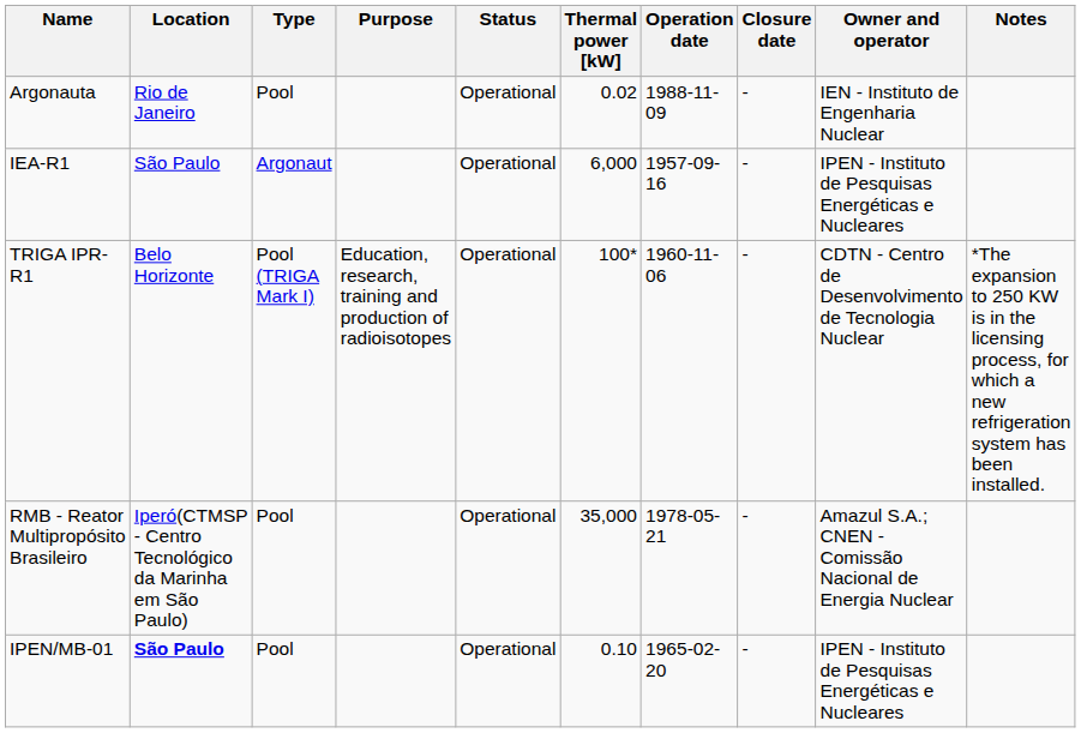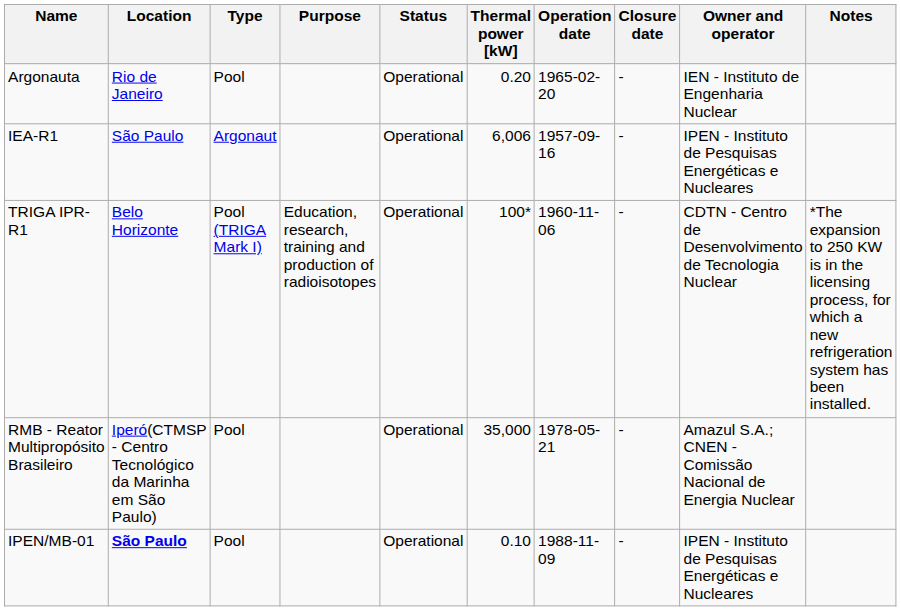 <table class="wikitable" >
 <tr valign="top">
 <th width="80">Name</th>
 <th width="65">Location</th>
 <th width="76">Type</th>
 <th width="65">Purpose</th>
 <th width="91">Status</th>
 <th width="70“">Thermal power [kW]</th>
 <th width=„67“>Operation date</th>
 <th width="78“">Closure date</th>
 <th width="113“">Owner and operator</th>
 <th width="65">Notes</th>
 </tr>
 <tr valign="top">
 <td>Argonauta</td>
 <td><a href='#'>Rio de Janeiro</a></td>
 <td>Pool</td>
 <td></td>
 <td>Operational</td>
-<td align="right">0.02</td>
-<td>1988-11-09</td>
+<td align="right">0.20</td>
+<td>1965-02-20</td>
 <td>-</td>
 <td>IEN - Instituto de Engenharia Nuclear</td>
 <td></td>
 </tr>
 <tr valign="top">
 <td>IEA-R1</td>
 <td><a href='#'>São Paulo</a></td>
 <td><a href='#'>Argonaut</a></td>
 <td></td>
 <td>Operational</td>
-<td align="right">6,000</td>
+<td align="right">6,006</td>
 <td>1957-09-16</td>
 <td>-</td>
 <td>IPEN - Instituto de Pesquisas Energéticas e Nucleares</td>
 <td></td>
 </tr>
 <tr valign="top">
 <td>TRIGA IPR-R1</td>
 <td><a href='#'>Belo Horizonte</a></td>
 <td>Pool <a href='#'>(TRIGA Mark I)</a></td>
 <td>Education, research, training and production of radioisotopes</td>
 <td>Operational</td>
 <td align="right">100*</td>
 <td>1960-11-06</td>
 <td>-</td>
 <td>CDTN - Centro de Desenvolvimento de Tecnologia Nuclear</td>
 <td>*The expansion to 250 KW is in the licensing process, for which a new refrigeration system has been installed.</td>
 </tr>
 <tr valign="top">
 <td>RMB - Reator Multipropósito Brasileiro</td>
 <td><a href='#'>Iperó</a>(CTMSP - Centro Tecnológico da Marinha em São Paulo)</td>
 <td>Pool</td>
 <td></td>
 <td>Operational</td>
 <td align="right">35,000</td>
 <td>1978-05-21</td>
 <td>-</td>
 <td>Amazul S.A.;<br>CNEN - Comissão Nacional de Energia Nuclear</td>
 <td></td>
 </tr>
 <tr valign="top">
 <td>IPEN/MB-01</td>
 <td><strong><a href='#'>São Paulo</a></strong></td>
 <td>Pool</td>
 <td></td>
 <td>Operational</td>
 <td align="right">0.10</td>
-<td>1965-02-20</td>
+<td>1988-11-09</td>
 <td>-</td>
 <td>IPEN - Instituto de Pesquisas Energéticas e Nucleares</td>
 <td></td>
 </tr>
 </table>
